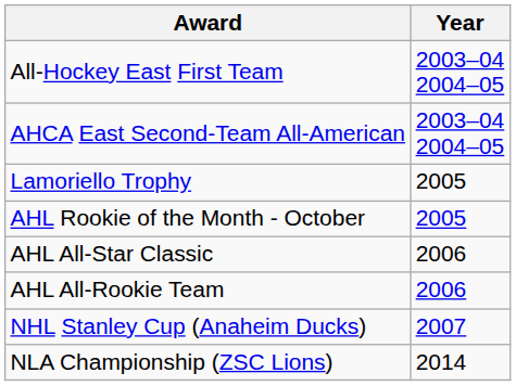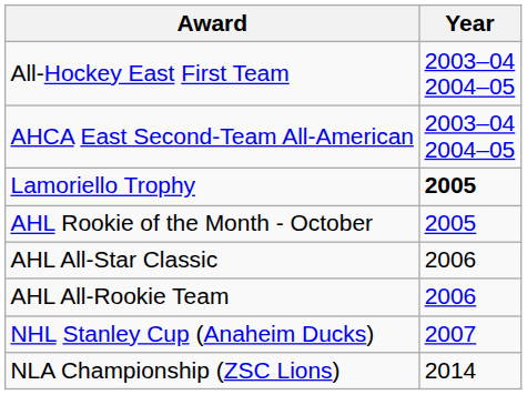 <table class="wikitable">
 <tr>
 <th>Award</th>
 <th>Year</th>
 </tr>
 <tr>
 <td>All-<a href='#'>Hockey East</a> <a href='#'>First Team</a></td>
 <td><a href='#'>2003–04</a><br><a href='#'>2004–05</a></td>
 </tr>
 <tr>
 <td><a href='#'>AHCA</a> <a href='#'>East Second-Team All-American</a></td>
 <td><a href='#'>2003–04</a><br><a href='#'>2004–05</a></td>
 </tr>
 <tr>
 <td><a href='#'>Lamoriello Trophy</a></td>
-<td>2005</td>
+<td><strong>2005</strong></td>
 </tr>
 <tr>
 <td><a href='#'>AHL</a> Rookie of the Month - October</td>
 <td><a href='#'>2005</a></td>
 </tr>
 <tr>
 <td>AHL All-Star Classic</td>
 <td>2006</td>
 </tr>
 <tr>
 <td>AHL All-Rookie Team</td>
 <td><a href='#'>2006</a></td>
 </tr>
 <tr>
 <td><a href='#'>NHL</a> <a href='#'>Stanley Cup</a> (<a href='#'>Anaheim Ducks</a>)</td>
 <td><a href='#'>2007</a></td>
 </tr>
 <tr>
 <td>NLA Championship (<a href='#'>ZSC Lions</a>)</td>
 <td>2014</td>
 </tr>
 </table>
